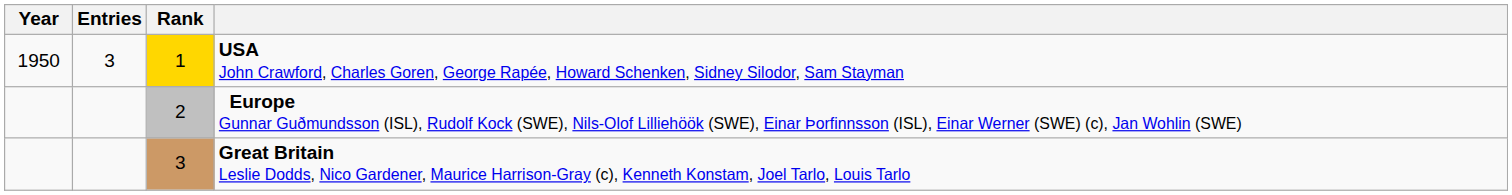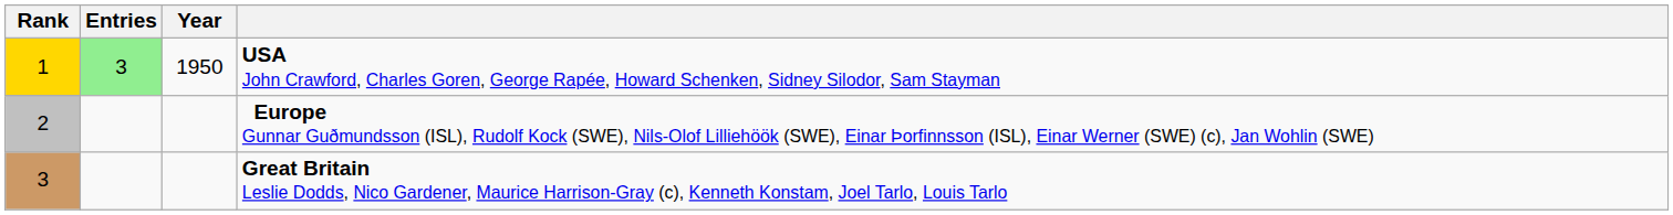 <table class="wikitable" style="width:100%; text-align:center;">
 <tr>
+<th>Rank</th>
+<th>Entries</th>
 <th>Year</th>
-<th>Entries</th>
-<th>Rank</th>
 <th></th>
 </tr>
 <tr>
+<td style="background:gold; width:50px;">1</td>
+<td width=50px style="background: lightgreen;">3</td>
 <td width=50px>1950</td>
-<td width=50px>3</td>
-<td style="background:gold; width:50px;">1</td>
 <td align=left> <strong>USA</strong><br><small><a href='#'>John Crawford</a>, <a href='#'>Charles Goren</a>, <a href='#'>George Rapée</a>, <a href='#'>Howard Schenken</a>, <a href='#'>Sidney Silodor</a>, <a href='#'>Sam Stayman</a></small></td>
 </tr>
 <tr>
+<td style="background:silver;">2</td>
 <td></td>
 <td></td>
-<td style="background:silver;">2</td>
 <td align=left>  <strong>Europe</strong><br><small><a href='#'>Gunnar Guðmundsson</a> (ISL), <a href='#'>Rudolf Kock</a> (SWE), <a href='#'>Nils-Olof Lilliehöök</a> (SWE), <a href='#'>Einar Þorfinnsson</a> (ISL), <a href='#'>Einar Werner</a> (SWE) (c), <a href='#'>Jan Wohlin</a> (SWE)</small></td>
 </tr>
 <tr>
+<td style="background:#c96;">3</td>
 <td></td>
 <td></td>
-<td style="background:#c96;">3</td>
 <td align=left> <strong>Great Britain</strong><br><small><a href='#'>Leslie Dodds</a>, <a href='#'>Nico Gardener</a>, <a href='#'>Maurice Harrison-Gray</a> (c), <a href='#'>Kenneth Konstam</a>, <a href='#'>Joel Tarlo</a>, <a href='#'>Louis Tarlo</a></small></td>
 </tr>
 </table>
